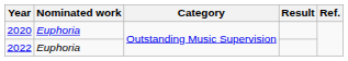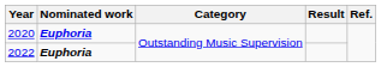 <table class="wikitable">
 <tr>
 <th>Year</th>
 <th>Nominated work</th>
 <th>Category</th>
 <th>Result</th>
 <th>Ref.</th>
 </tr>
 <tr>
 <td><a href='#'>2020</a></td>
-<td><em><a href='#'>Euphoria</a></em> </td>
+<td><strong><em><a href='#'>Euphoria</a></em> </strong></td>
 <td rowspan="2"><a href='#'>Outstanding Music Supervision</a></td>
 <td></td>
 <td align="center" rowspan="2"></td>
 </tr>
 <tr>
 <td><a href='#'>2022</a></td>
-<td><em>Euphoria</em> </td>
+<td><strong><em>Euphoria</em> </strong></td>
 <td></td>
 </tr>
 </table>
